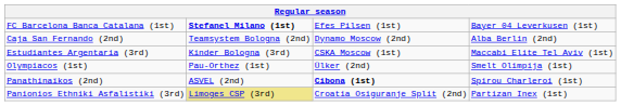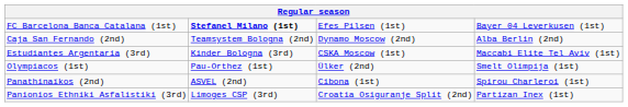 <table class="wikitable" style="white-space: nowrap;">
 <tr>
 <th colspan=4><a href='#'>Regular season</a></th>
 </tr>
 <tr>
 <td width=210> <a href='#'>FC Barcelona Banca Catalana</a> (1st)</td>
 <td width=210><strong> <a href='#'>Stefanel Milano</a> (1st)</strong></td>
 <td width=210> <a href='#'>Efes Pilsen</a> (1st)</td>
 <td width=210> <a href='#'>Bayer 04 Leverkusen</a> (1st)</td>
 </tr>
 <tr>
 <td width=210> <a href='#'>Caja San Fernando</a> (2nd)</td>
 <td width=210> <a href='#'>Teamsystem Bologna</a> (2nd)</td>
 <td width=210> <a href='#'>Dynamo Moscow</a> (2nd)</td>
 <td width=210> <a href='#'>Alba Berlin</a> (2nd)</td>
 </tr>
 <tr>
 <td width=210> <a href='#'>Estudiantes Argentaria</a> (3rd)</td>
 <td width=210> <a href='#'>Kinder Bologna</a> (3rd)</td>
 <td width=210> <a href='#'>CSKA Moscow</a> (1st)</td>
 <td width=210> <a href='#'>Maccabi Elite Tel Aviv</a> (1st)</td>
 </tr>
 <tr>
 <td width=210> <a href='#'>Olympiacos</a> (1st)</td>
 <td width=210> <a href='#'>Pau-Orthez</a> (1st)</td>
 <td width=210> <a href='#'>Ülker</a> (2nd)</td>
 <td width=210> <a href='#'>Smelt Olimpija</a> (1st)</td>
 </tr>
 <tr>
 <td width=210> <a href='#'>Panathinaïkos</a> (2nd)</td>
 <td width=210> <a href='#'>ASVEL</a> (2nd)</td>
-<td width=210><strong> <a href='#'>Cibona</a> (1st)</strong></td>
+<td width=210> <a href='#'>Cibona</a> (1st)</td>
 <td width=210> <a href='#'>Spirou Charleroi</a> (1st)</td>
 </tr>
 <tr>
 <td width=210> <a href='#'>Panionios Ethniki Asfalistiki</a> (3rd)</td>
-<td width=210 style="background: khaki;"> <a href='#'>Limoges CSP</a> (3rd)</td>
+<td width=210> <a href='#'>Limoges CSP</a> (3rd)</td>
 <td width=210> <a href='#'>Croatia Osiguranje Split</a> (2nd)</td>
 <td width=210> <a href='#'>Partizan Inex</a> (1st)</td>
 </tr>
 </table>
